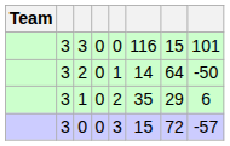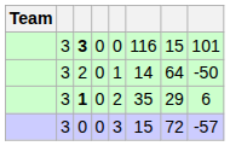 <table class="wikitable" style="text-align: center;">
 <tr>
 <th>Team</th>
 <th></th>
 <th></th>
 <th></th>
 <th></th>
 <th></th>
 <th></th>
 <th></th>
 </tr>
 <tr bgcolor="ccffcc">
 <td align="left"></td>
 <td>3</td>
-<td>3</td>
+<td><strong>3</strong></td>
 <td>0</td>
 <td>0</td>
 <td>116</td>
 <td>15</td>
 <td>101</td>
 </tr>
 <tr bgcolor="ccffcc">
 <td align="left"></td>
 <td>3</td>
 <td>2</td>
 <td>0</td>
 <td>1</td>
 <td>14</td>
 <td>64</td>
 <td>-50</td>
 </tr>
 <tr bgcolor="ccffcc">
 <td align="left"></td>
 <td>3</td>
-<td>1</td>
+<td><strong>1</strong></td>
 <td>0</td>
 <td>2</td>
 <td>35</td>
 <td>29</td>
 <td>6</td>
 </tr>
 <tr bgcolor="ccccff">
 <td align="left"></td>
 <td>3</td>
 <td>0</td>
 <td>0</td>
 <td>3</td>
 <td>15</td>
 <td>72</td>
 <td>-57</td>
 </tr>
 </table>
